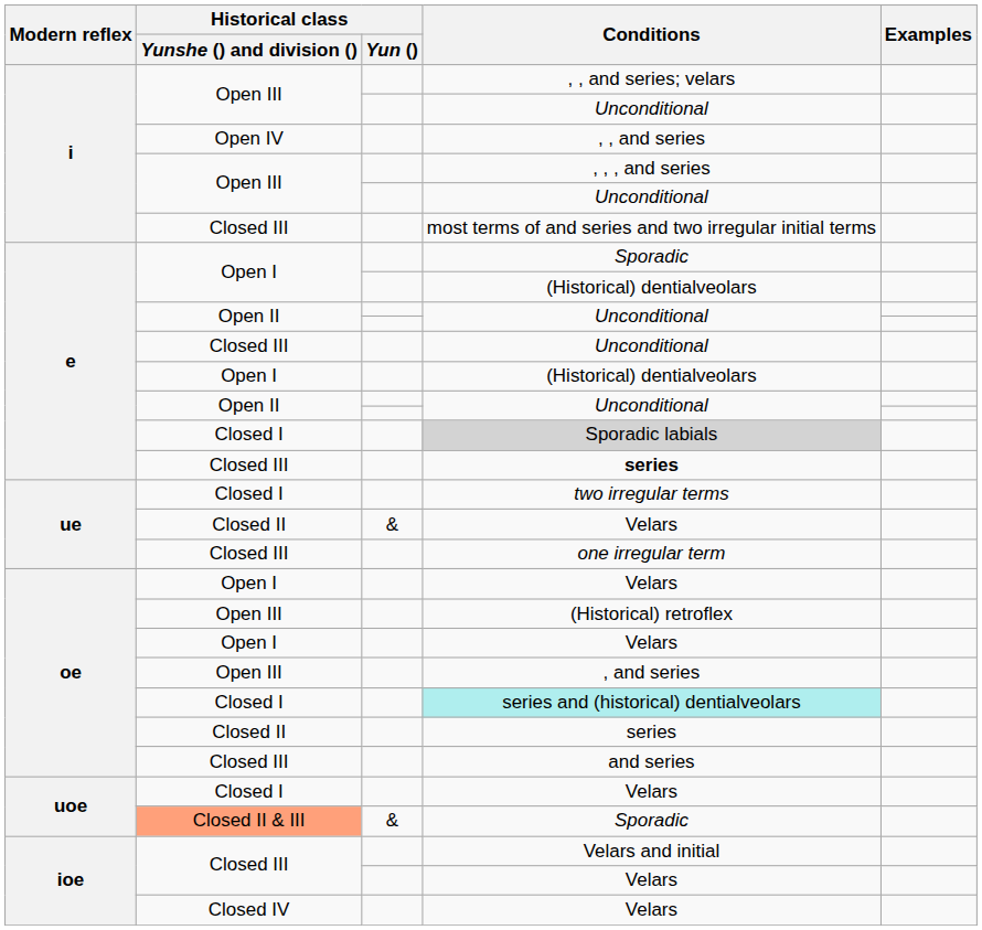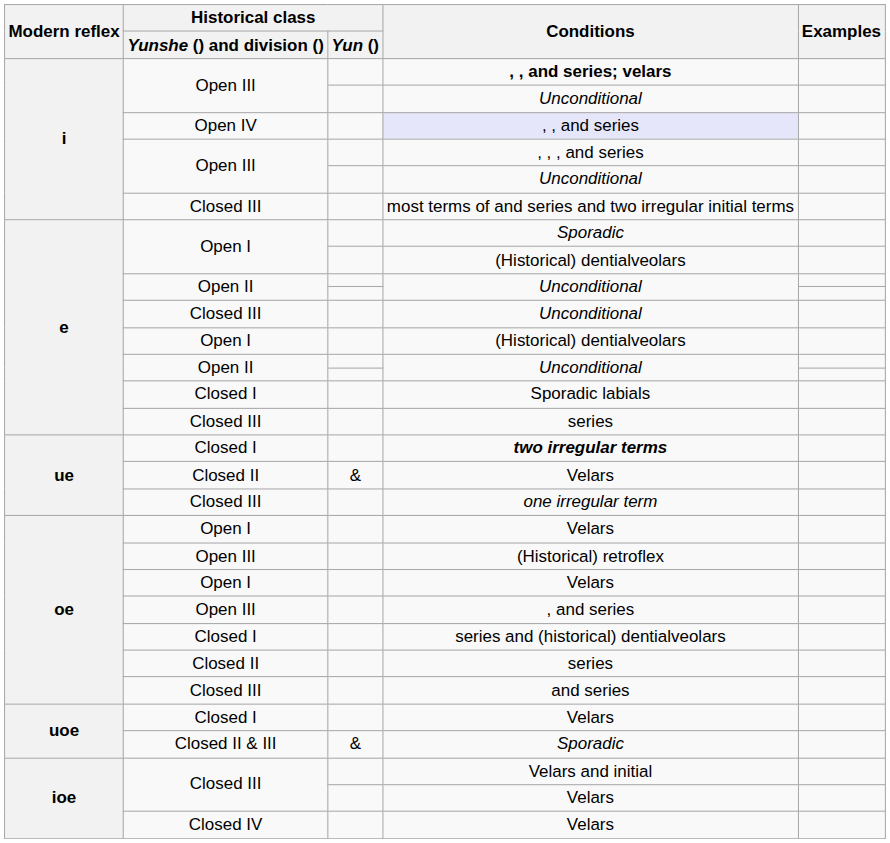 <table class="wikitable mw-collapsible mw-collapsed" style="text-align:center;">
 <tr>
 <th rowspan=2>Modern reflex</th>
 <th colspan=2>Historical class</th>
 <th rowspan=2>Conditions</th>
 <th rowspan=2>Examples</th>
 </tr>
 <tr>
 <th><em>Yunshe</em> () and division ()</th>
 <th><em>Yun</em> ()</th>
 </tr>
 <tr>
 <th rowspan=6>i</th>
 <td rowspan=2>Open III </td>
 <td></td>
-<td>, ,  and  series; velars</td>
+<td><strong>, ,  and  series; velars</strong></td>
 <td></td>
 </tr>
 <tr>
 <td></td>
 <td><em>Unconditional</em></td>
 <td></td>
 </tr>
 <tr>
 <td>Open IV </td>
 <td></td>
-<td>, ,  and  series</td>
+<td style="background: lavender;">, ,  and  series</td>
 <td></td>
 </tr>
 <tr>
 <td rowspan=2>Open III </td>
 <td></td>
 <td>, , ,  and  series</td>
 <td></td>
 </tr>
 <tr>
 <td></td>
 <td><em>Unconditional</em></td>
 <td></td>
 </tr>
 <tr>
 <td>Closed III </td>
 <td></td>
 <td>most terms of  and  series and two irregular  initial terms</td>
 <td></td>
 </tr>
 <tr>
 <th rowspan=10>e</th>
 <td rowspan=2>Open I </td>
 <td></td>
 <td><em>Sporadic</em></td>
 <td></td>
 </tr>
 <tr>
 <td></td>
 <td>(Historical) dentialveolars</td>
 <td></td>
 </tr>
 <tr>
 <td rowspan=2>Open II </td>
 <td></td>
 <td rowspan=2><em>Unconditional</em></td>
 <td></td>
 </tr>
 <tr>
 <td></td>
 <td></td>
 </tr>
 <tr>
 <td>Closed III </td>
 <td></td>
 <td><em>Unconditional</em></td>
 <td></td>
 </tr>
 <tr>
 <td>Open I </td>
 <td></td>
 <td>(Historical) dentialveolars</td>
 <td></td>
 </tr>
 <tr>
 <td rowspan=2>Open II </td>
 <td></td>
 <td rowspan=2><em>Unconditional</em></td>
 <td></td>
 </tr>
 <tr>
 <td></td>
 <td></td>
 </tr>
 <tr>
 <td>Closed I </td>
 <td></td>
-<td style="background: lightgrey;">Sporadic labials</td>
+<td>Sporadic labials</td>
 <td></td>
 </tr>
 <tr>
 <td>Closed III </td>
 <td></td>
-<td><strong> series</strong></td>
+<td> series</td>
 <td></td>
 </tr>
 <tr>
 <th rowspan=3>ue</th>
 <td>Closed I </td>
 <td></td>
-<td><em>two irregular terms</em></td>
+<td><strong><em>two irregular terms</em></strong></td>
 <td></td>
 </tr>
 <tr>
 <td>Closed II </td>
 <td> & </td>
 <td>Velars</td>
 <td></td>
 </tr>
 <tr>
 <td>Closed III </td>
 <td></td>
 <td><em>one irregular term</em></td>
 <td></td>
 </tr>
 <tr>
 <th rowspan=7>oe</th>
 <td>Open I </td>
 <td></td>
 <td>Velars</td>
 <td></td>
 </tr>
 <tr>
 <td>Open III </td>
 <td></td>
 <td>(Historical) retroflex</td>
 <td></td>
 </tr>
 <tr>
 <td>Open I </td>
 <td></td>
 <td>Velars</td>
 <td></td>
 </tr>
 <tr>
 <td>Open III </td>
 <td></td>
 <td>,  and  series</td>
 <td></td>
 </tr>
 <tr>
 <td>Closed I </td>
 <td></td>
-<td style="background: paleturquoise;"> series and (historical) dentialveolars</td>
+<td> series and (historical) dentialveolars</td>
 <td></td>
 </tr>
 <tr>
 <td>Closed II </td>
 <td></td>
 <td> series</td>
 <td></td>
 </tr>
 <tr>
 <td>Closed III </td>
 <td></td>
 <td> and  series</td>
 <td></td>
 </tr>
 <tr>
 <th rowspan=2>uoe</th>
 <td>Closed I </td>
 <td></td>
 <td>Velars</td>
 <td></td>
 </tr>
 <tr>
-<td style="background: lightsalmon;">Closed II & III </td>
+<td>Closed II & III </td>
 <td> & </td>
 <td><em>Sporadic</em></td>
 <td></td>
 </tr>
 <tr>
 <th rowspan=3>ioe</th>
 <td rowspan=2>Closed III </td>
 <td></td>
 <td>Velars and  initial</td>
 <td></td>
 </tr>
 <tr>
 <td></td>
 <td>Velars</td>
 <td></td>
 </tr>
 <tr>
 <td>Closed IV </td>
 <td></td>
 <td>Velars</td>
 <td></td>
 </tr>
 </table>
